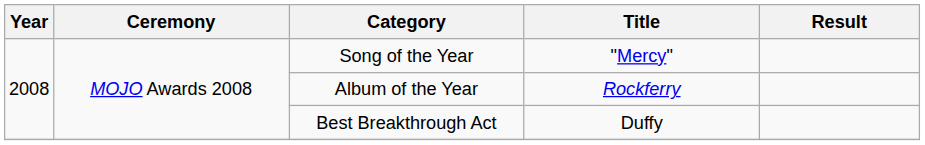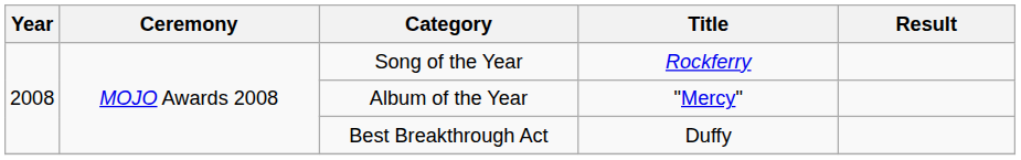 <table class="wikitable" style="text-align:center; font-size:90%; line-height:20px;">
 <tr>
 <th>Year</th>
 <th width="180px">Ceremony</th>
 <th width="180px">Category</th>
 <th width="180px">Title</th>
 <th width="120px">Result</th>
 </tr>
 <tr>
 <td rowspan="3">2008</td>
 <td rowspan="3"><em><a href='#'>MOJO</a></em> Awards 2008</td>
 <td>Song of the Year</td>
-<td>"<a href='#'>Mercy</a>"</td>
+<td><em><a href='#'>Rockferry</a></em></td>
 <td></td>
 </tr>
 <tr>
 <td>Album of the Year</td>
-<td><em><a href='#'>Rockferry</a></em></td>
+<td>"<a href='#'>Mercy</a>"</td>
 <td></td>
 </tr>
 <tr>
 <td>Best Breakthrough Act</td>
 <td>Duffy</td>
 <td></td>
 </tr>
 <tr>
 </tr>
 </table>
